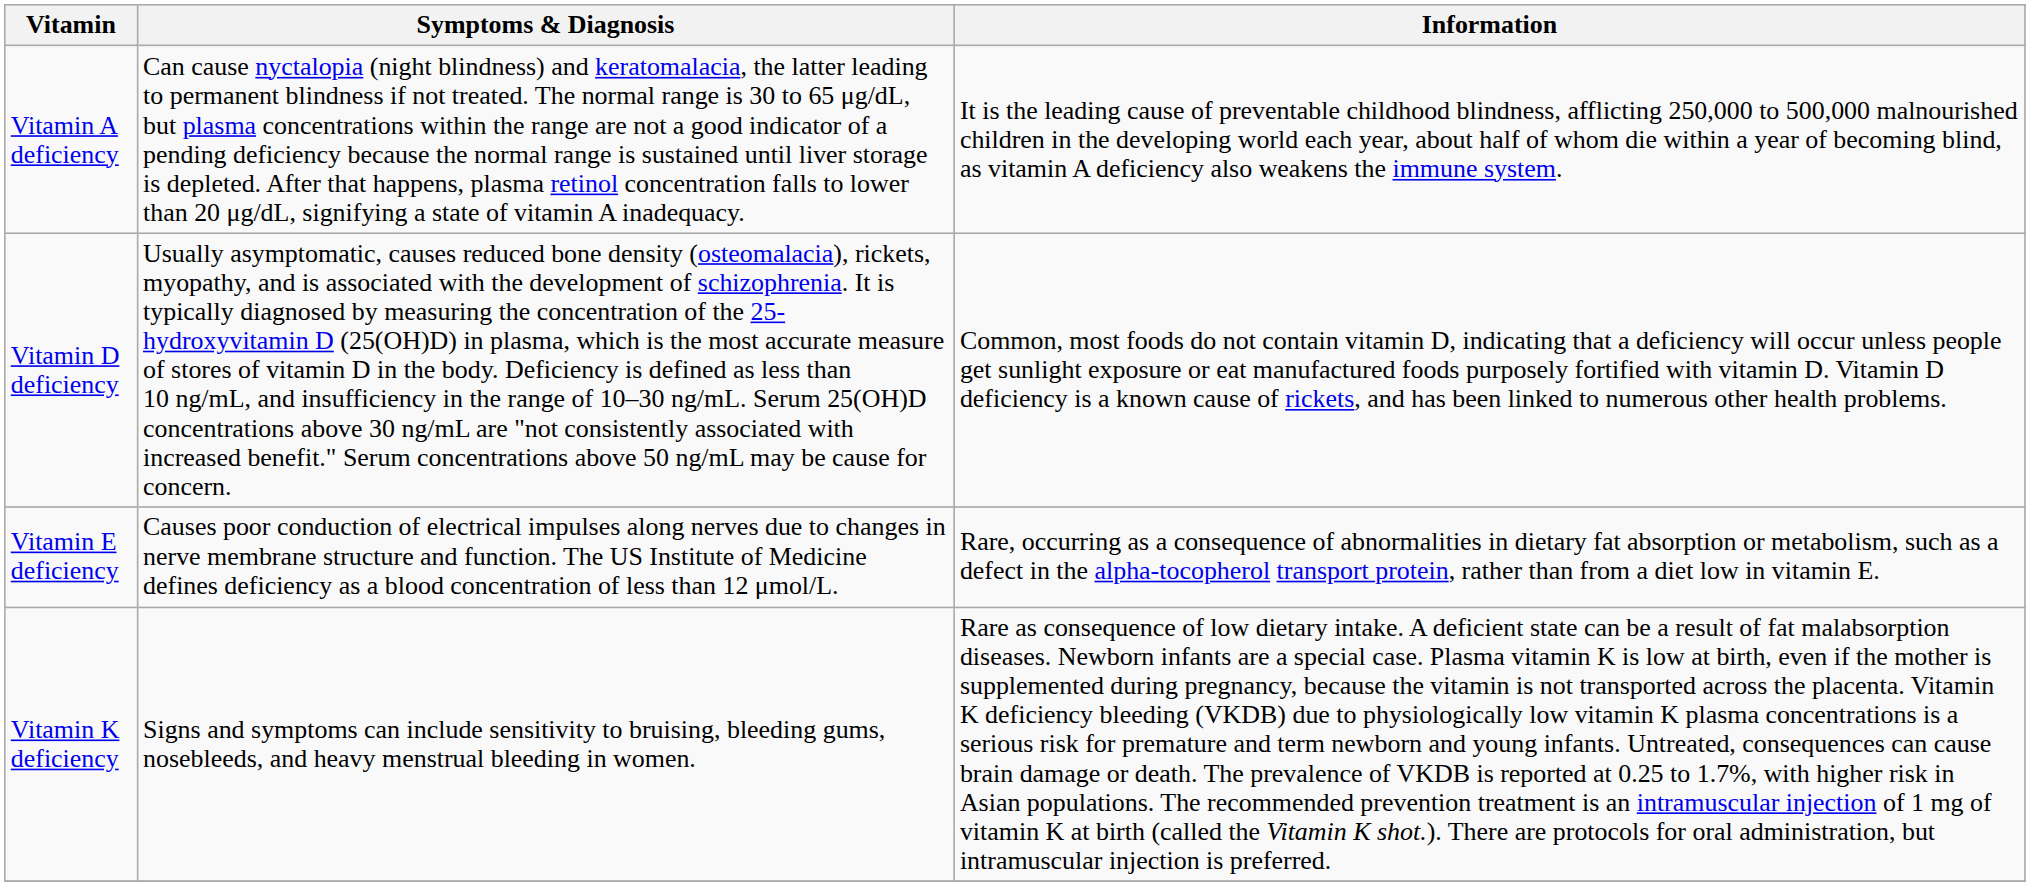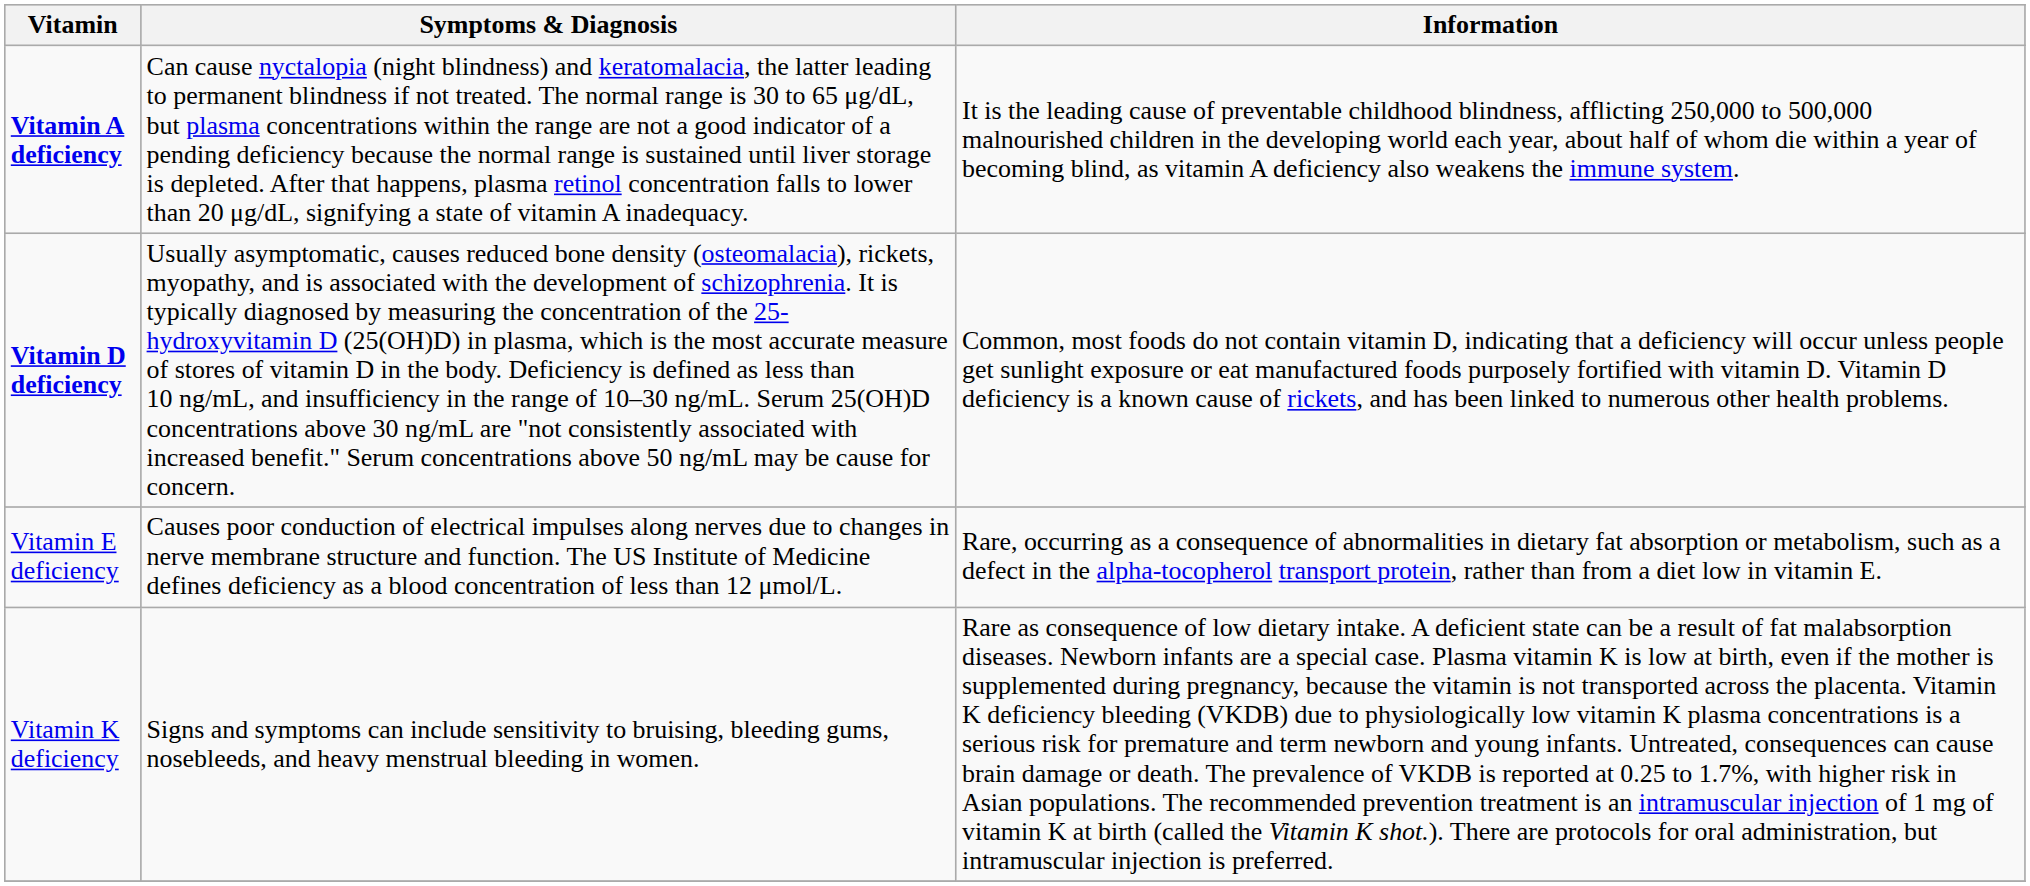 <table class="wikitable">
 <tr>
 <th>Vitamin</th>
 <th>Symptoms & Diagnosis</th>
 <th>Information</th>
 </tr>
 <tr>
-<td><a href='#'>Vitamin A deficiency</a></td>
+<td><strong><a href='#'>Vitamin A deficiency</a></strong></td>
 <td>Can cause <a href='#'>nyctalopia</a> (night blindness) and <a href='#'>keratomalacia</a>, the latter leading to permanent blindness if not treated. The normal range is 30 to 65 μg/dL, but <a href='#'>plasma</a> concentrations within the range are not a good indicator of a pending deficiency because the normal range is sustained until liver storage is depleted. After that happens, plasma <a href='#'>retinol</a> concentration falls to lower than 20 μg/dL, signifying a state of vitamin A inadequacy.</td>
 <td>It is the leading cause of preventable childhood blindness, afflicting 250,000 to 500,000 malnourished children in the developing world each year, about half of whom die within a year of becoming blind, as vitamin A deficiency also weakens the <a href='#'>immune system</a>.</td>
 </tr>
 <tr>
-<td><a href='#'>Vitamin D deficiency</a></td>
+<td><strong><a href='#'>Vitamin D deficiency</a></strong></td>
 <td>Usually asymptomatic, causes reduced bone density (<a href='#'>osteomalacia</a>), rickets, myopathy, and is associated with the development of <a href='#'>schizophrenia</a>. It is typically diagnosed by measuring the concentration of the <a href='#'>25-hydroxyvitamin D</a> (25(OH)D) in plasma, which is the most accurate measure of stores of vitamin D in the body. Deficiency is defined as less than 10 ng/mL, and insufficiency in the range of 10–30 ng/mL. Serum 25(OH)D concentrations above 30 ng/mL are "not consistently associated with increased benefit." Serum concentrations above 50 ng/mL may be cause for concern.</td>
 <td>Common, most foods do not contain vitamin D, indicating that a deficiency will occur unless people get sunlight exposure or eat manufactured foods purposely fortified with vitamin D. Vitamin D deficiency is a known cause of <a href='#'>rickets</a>, and has been linked to numerous other health problems.</td>
 </tr>
 <tr>
 <td><a href='#'>Vitamin E deficiency</a></td>
 <td>Causes poor conduction of electrical impulses along nerves due to changes in nerve membrane structure and function. The US Institute of Medicine defines deficiency as a blood concentration of less than 12 μmol/L.</td>
 <td>Rare, occurring as a consequence of abnormalities in dietary fat absorption or metabolism, such as a defect in the <a href='#'>alpha-tocopherol</a> <a href='#'>transport protein</a>, rather than from a diet low in vitamin E.</td>
 </tr>
 <tr>
 <td><a href='#'>Vitamin K deficiency</a></td>
 <td>Signs and symptoms can include sensitivity to bruising, bleeding gums, nosebleeds, and heavy menstrual bleeding in women.</td>
 <td>Rare as consequence of low dietary intake. A deficient state can be a result of fat malabsorption diseases. Newborn infants are a special case. Plasma vitamin K is low at birth, even if the mother is supplemented during pregnancy, because the vitamin is not transported across the placenta. Vitamin K deficiency bleeding (VKDB) due to physiologically low vitamin K plasma concentrations is a serious risk for premature and term newborn and young infants. Untreated, consequences can cause brain damage or death. The prevalence of VKDB is reported at 0.25 to 1.7%, with higher risk in Asian populations. The recommended prevention treatment is an <a href='#'>intramuscular injection</a> of 1 mg of vitamin K at birth (called the <em>Vitamin K shot.</em>). There are protocols for oral administration, but intramuscular injection is preferred.</td>
 </tr>
 <tr>
 </tr>
 </table>
